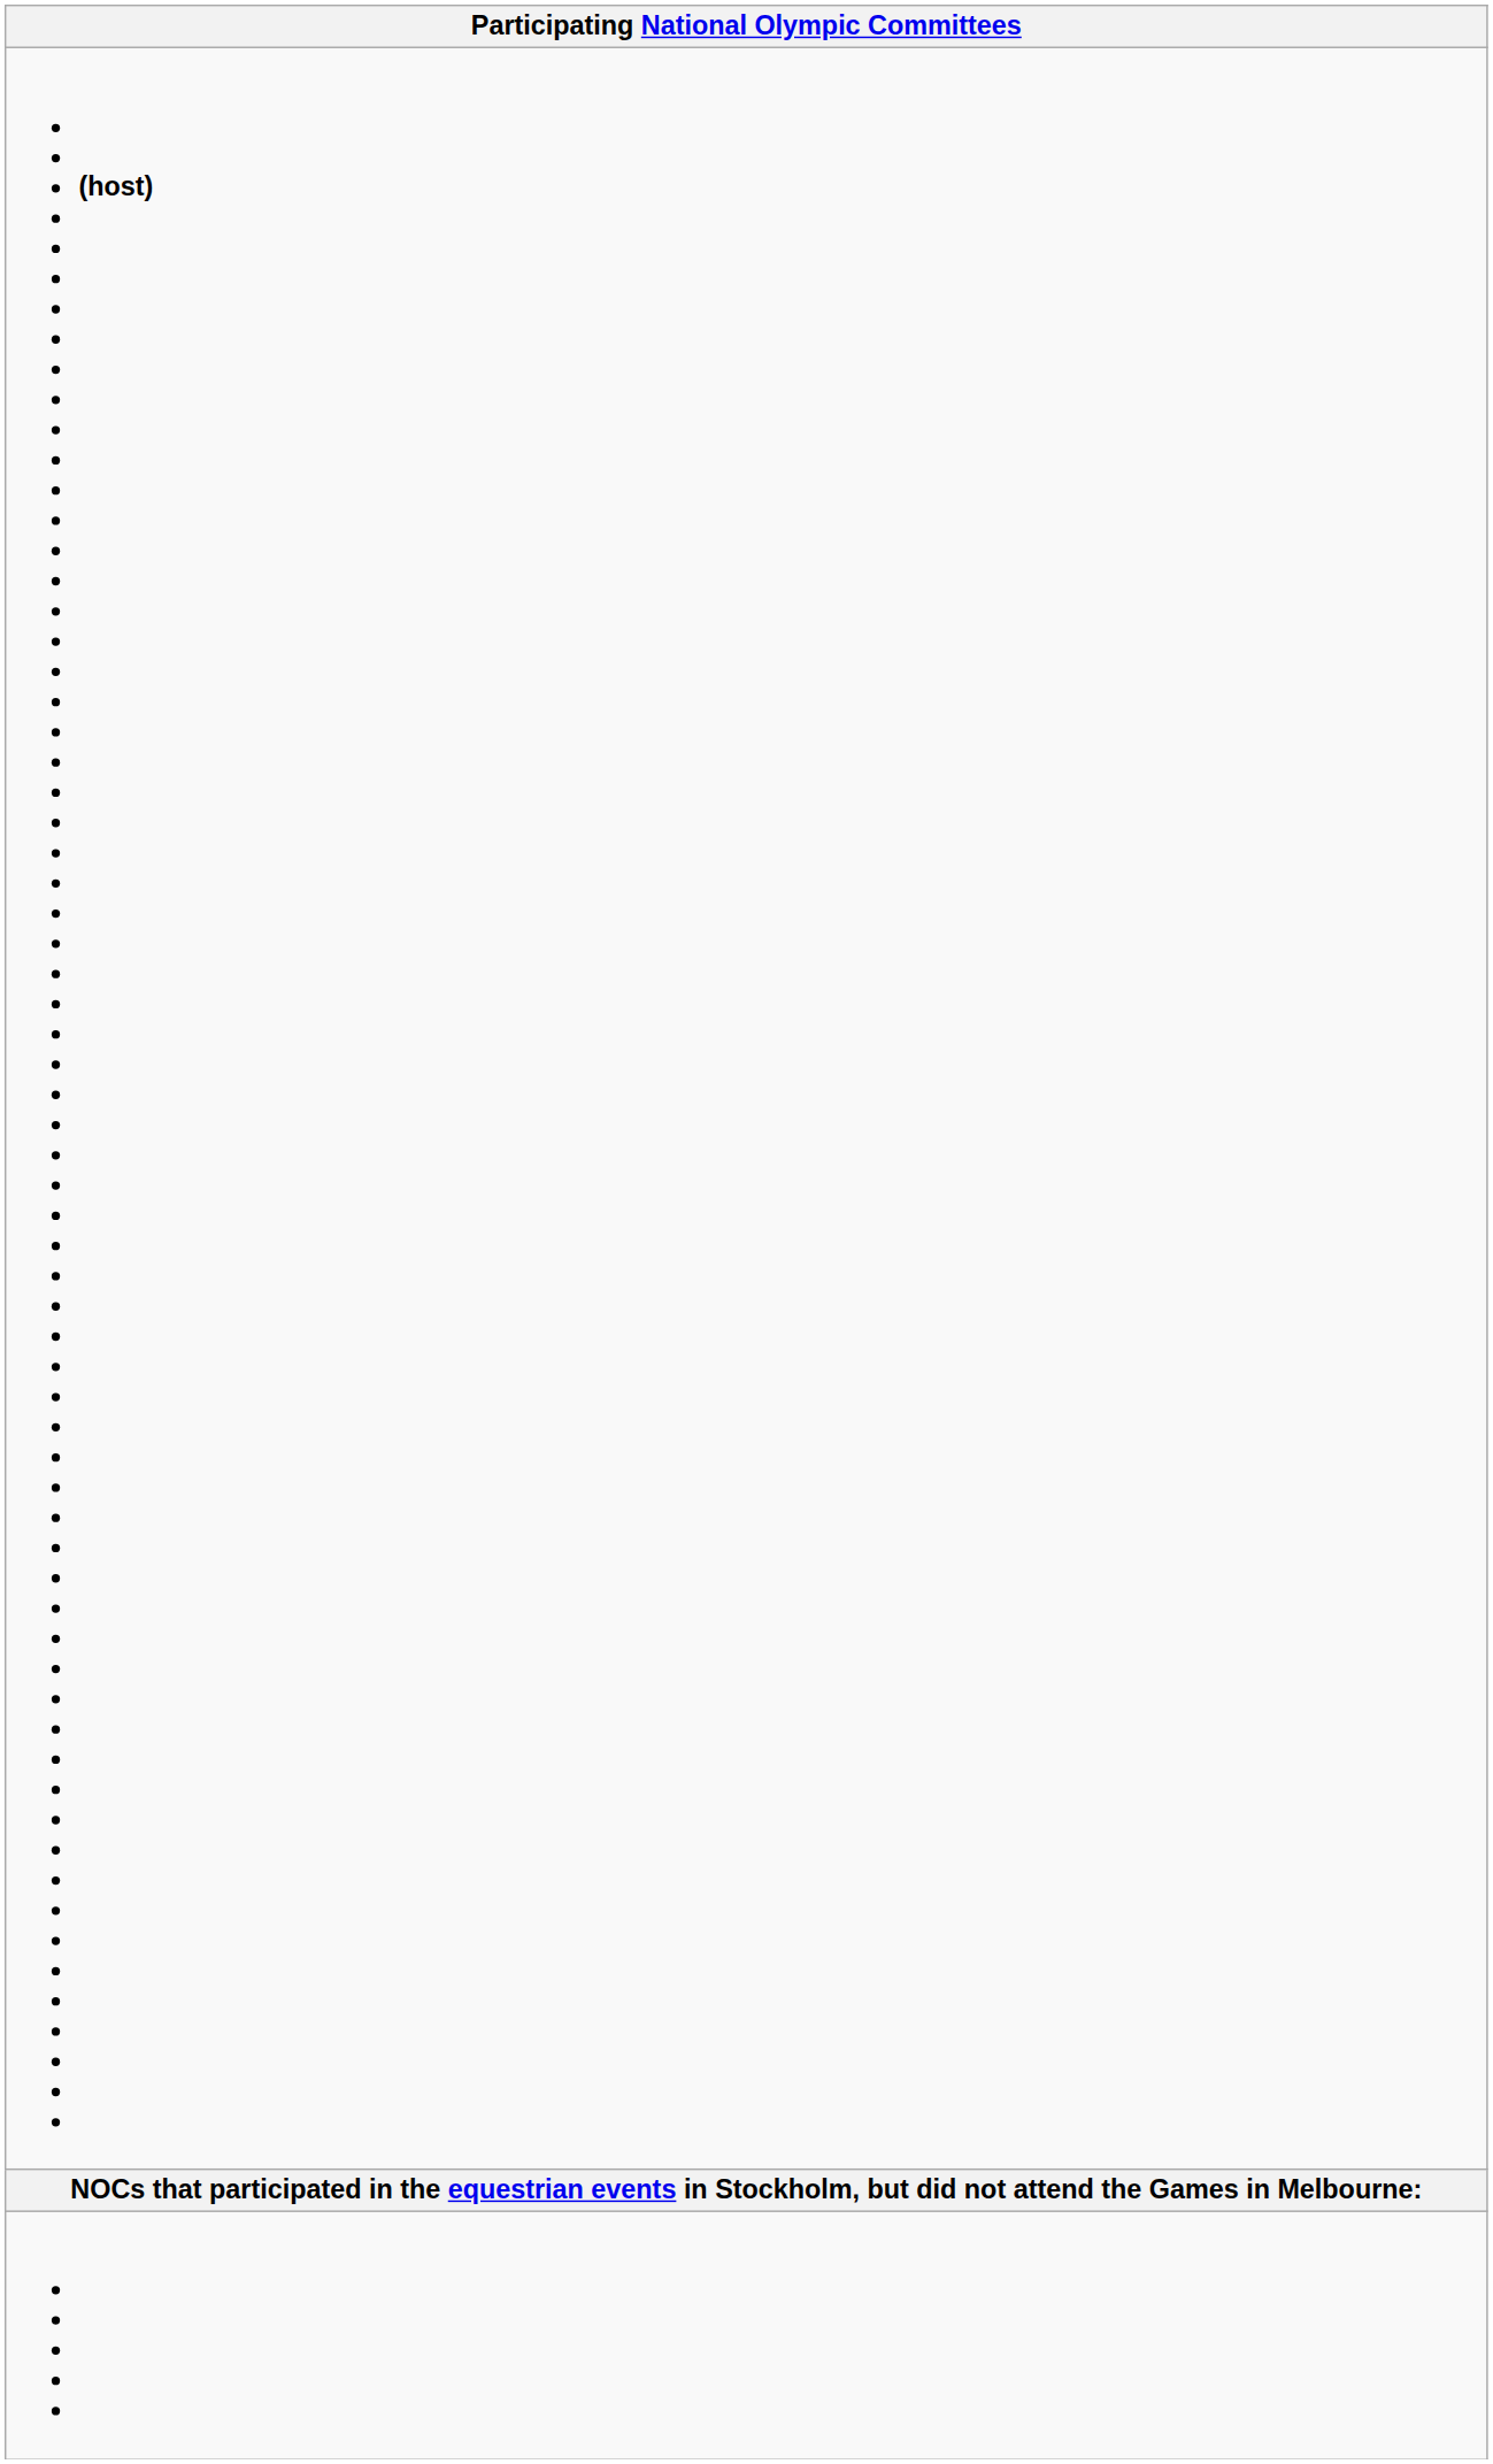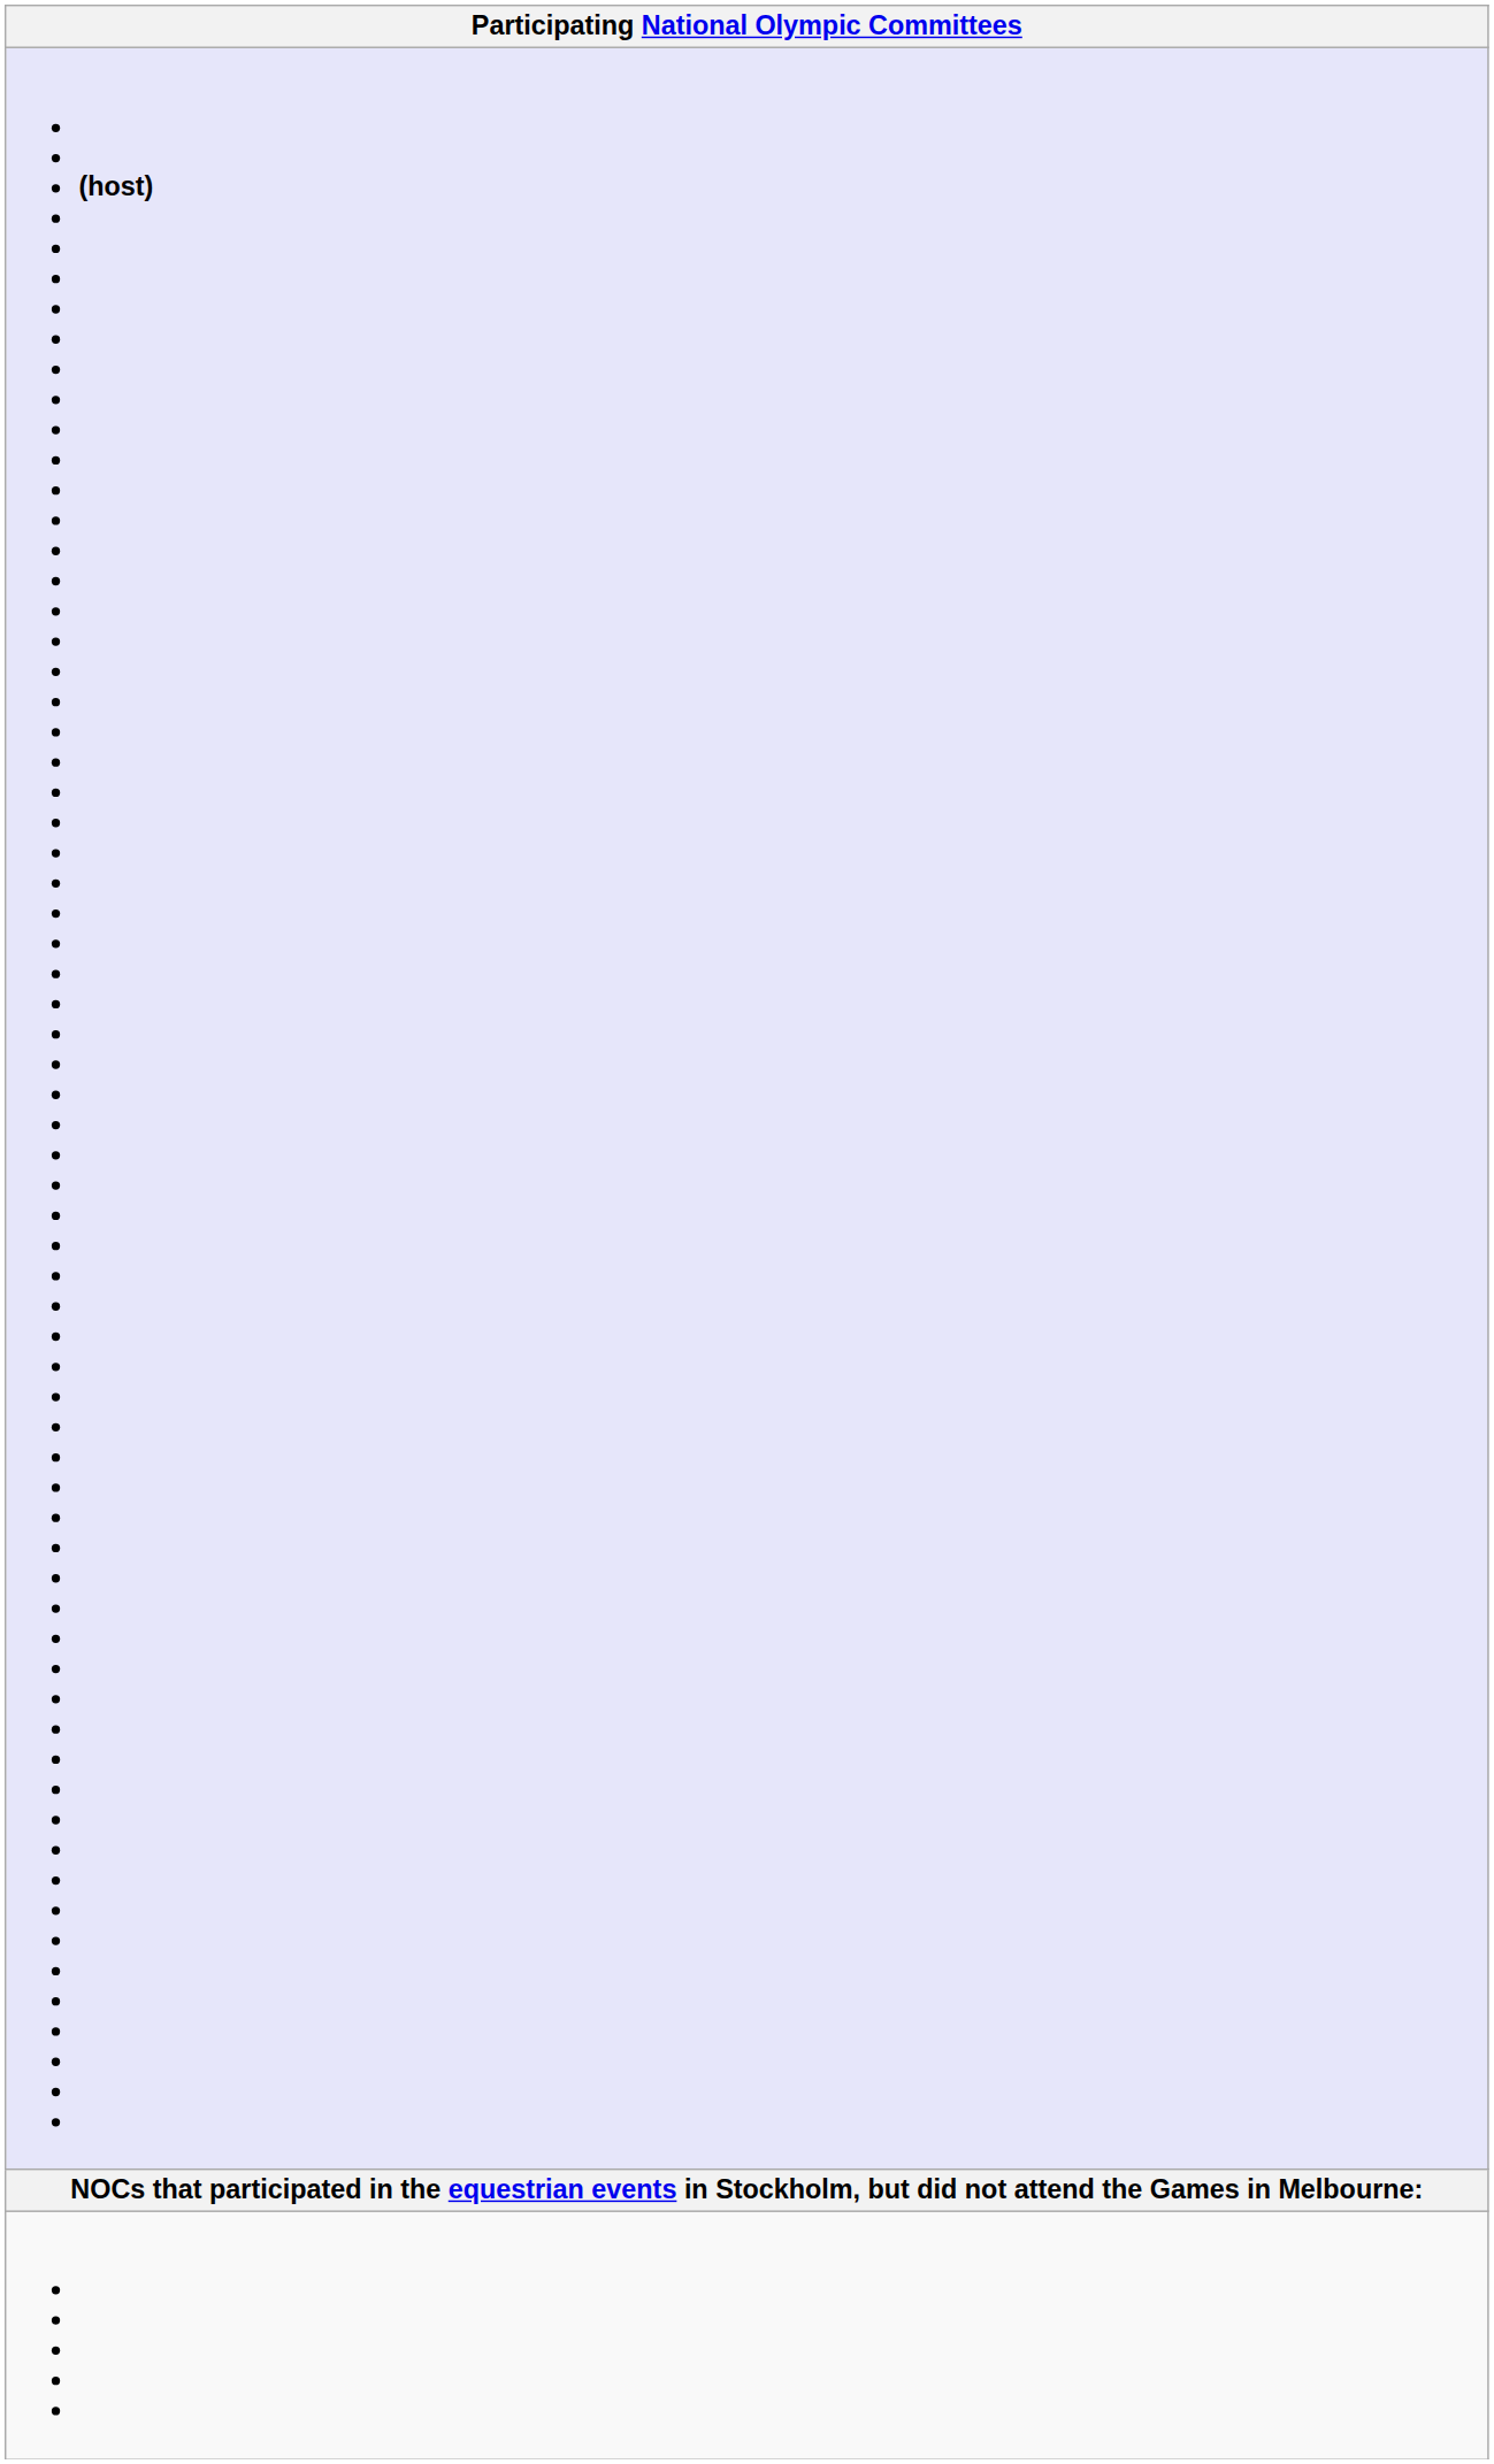 <table class="wikitable collapsible" style="width:100%;">
 <tr>
 <th>Participating <a href='#'>National Olympic Committees</a></th>
 </tr>
 <tr>
-<td><br><ul><li></li><li></li><li> <strong>(host)</strong></li><li></li><li></li><li></li><li></li><li></li><li></li><li></li><li></li><li></li><li></li><li></li><li></li><li></li><li></li><li></li><li></li><li></li><li></li><li></li><li></li><li></li><li></li><li></li><li></li><li></li><li></li><li></li><li></li><li></li><li></li><li></li><li></li><li></li><li></li><li></li><li></li><li></li><li></li><li></li><li></li><li></li><li></li><li></li><li></li><li></li><li></li><li></li><li></li><li></li><li></li><li></li><li></li><li></li><li></li><li></li><li></li><li></li><li></li><li></li><li></li><li></li><li></li><li></li><li></li></ul></td>
+<td style="background: lavender;"><br><ul><li></li><li></li><li> <strong>(host)</strong></li><li></li><li></li><li></li><li></li><li></li><li></li><li></li><li></li><li></li><li></li><li></li><li></li><li></li><li></li><li></li><li></li><li></li><li></li><li></li><li></li><li></li><li></li><li></li><li></li><li></li><li></li><li></li><li></li><li></li><li></li><li></li><li></li><li></li><li></li><li></li><li></li><li></li><li></li><li></li><li></li><li></li><li></li><li></li><li></li><li></li><li></li><li></li><li></li><li></li><li></li><li></li><li></li><li></li><li></li><li></li><li></li><li></li><li></li><li></li><li></li><li></li><li></li><li></li><li></li></ul></td>
 </tr>
 <tr>
 <th>NOCs that participated in the <a href='#'>equestrian events</a> in Stockholm, but did not attend the Games in Melbourne:</th>
 </tr>
 <tr>
 <td valign="top"><br><ul><li></li><li></li><li></li><li></li><li></li></ul></td>
 </tr>
 </table>
